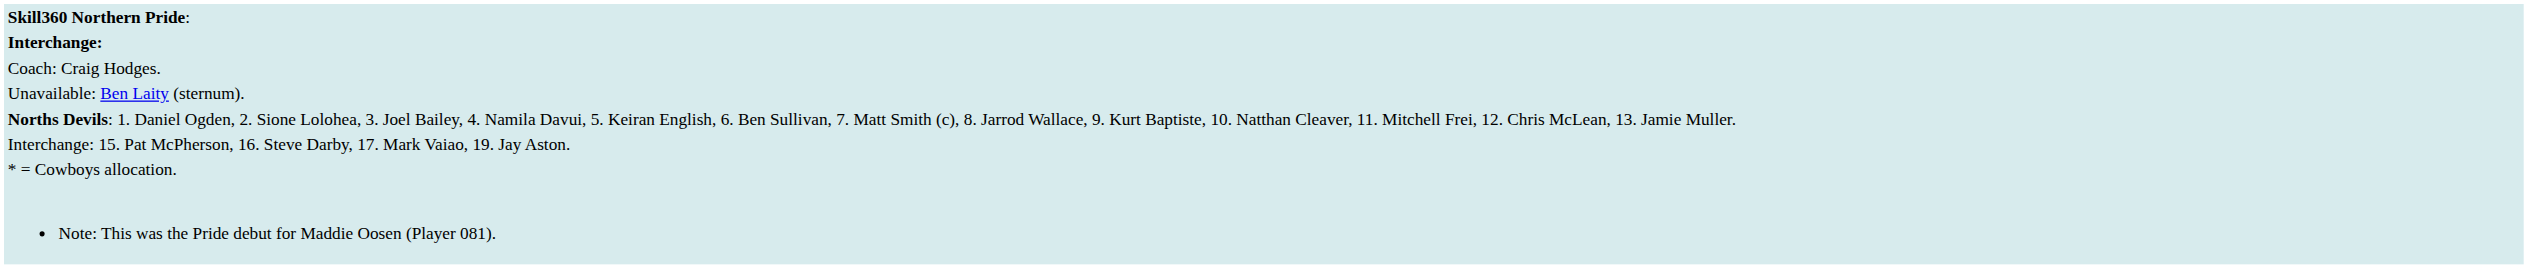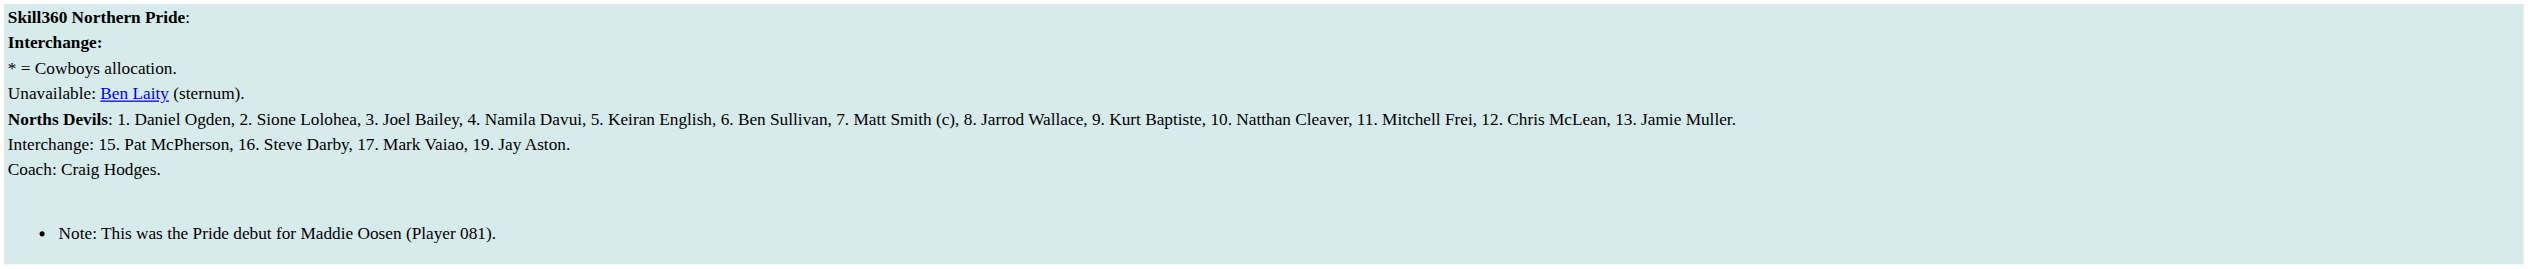 <table style="background:#d7ebed; font-size:85%; width:100%;">
 <tr>
 <td><strong>Skill360 Northern Pride</strong>:             </td>
 </tr>
 <tr>
 <td><strong>Interchange:    </strong></td>
 </tr>
 <tr>
-<td>Coach: Craig Hodges.</td>
+<td>* = Cowboys allocation.</td>
 </tr>
 <tr>
 <td>Unavailable: <a href='#'>Ben Laity</a> (sternum).</td>
 </tr>
 <tr>
 <td><strong>Norths Devils</strong>: 1. Daniel Ogden, 2. Sione Lolohea, 3. Joel Bailey, 4. Namila Davui, 5. Keiran English, 6. Ben Sullivan, 7. Matt Smith (c), 8. Jarrod Wallace, 9. Kurt Baptiste, 10. Natthan Cleaver, 11. Mitchell Frei, 12. Chris McLean, 13. Jamie Muller.</td>
 </tr>
 <tr>
 <td>Interchange: 15. Pat McPherson, 16. Steve Darby, 17. Mark Vaiao, 19. Jay Aston.</td>
 </tr>
 <tr>
-<td>* = Cowboys allocation.</td>
+<td>Coach: Craig Hodges.</td>
 </tr>
 <tr>
 <td><br><ul><li>Note: This was the Pride debut for Maddie Oosen (Player 081).</li></ul></td>
 </tr>
 </table>
